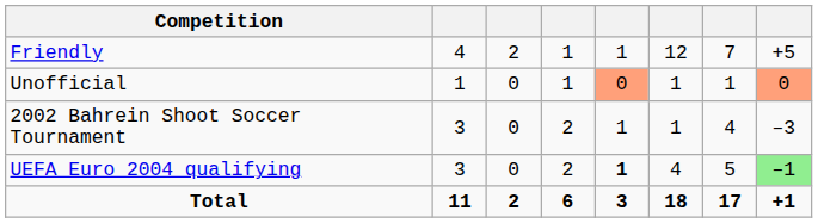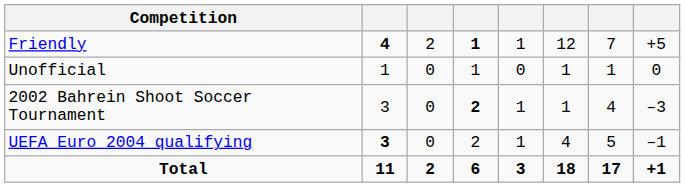 <table class="wikitable" style="text-align: center;">
 <tr>
 <th width=280>Competition</th>
 <th width=30></th>
 <th width=30></th>
 <th width=30></th>
 <th width=30></th>
 <th width=30></th>
 <th width=30></th>
 <th width=30></th>
 </tr>
 <tr>
 <td align=left><a href='#'>Friendly</a></td>
-<td>4</td>
+<td><strong>4</strong></td>
 <td>2</td>
-<td>1</td>
+<td><strong>1</strong></td>
 <td>1</td>
 <td>12</td>
 <td>7</td>
 <td>+5</td>
 </tr>
 <tr>
 <td align=left>Unofficial</td>
 <td>1</td>
 <td>0</td>
 <td>1</td>
-<td style="background: lightsalmon;">0</td>
+<td>0</td>
 <td>1</td>
 <td>1</td>
-<td style="background: lightsalmon;">0</td>
+<td>0</td>
 </tr>
 <tr>
 <td align=left>2002 Bahrein Shoot Soccer Tournament</td>
 <td>3</td>
 <td>0</td>
-<td>2</td>
+<td><strong>2</strong></td>
 <td>1</td>
 <td>1</td>
 <td>4</td>
 <td>–3</td>
 </tr>
 <tr>
 <td align=left><a href='#'>UEFA Euro 2004 qualifying</a></td>
-<td>3</td>
+<td><strong>3</strong></td>
 <td>0</td>
 <td>2</td>
-<td><strong>1</strong></td>
+<td>1</td>
 <td>4</td>
 <td>5</td>
-<td style="background: lightgreen;">–1</td>
+<td>–1</td>
 </tr>
 <tr>
 <td><strong>Total</strong></td>
 <td><strong>11</strong></td>
 <td><strong>2</strong></td>
 <td><strong>6</strong></td>
 <td><strong>3</strong></td>
 <td><strong>18</strong></td>
 <td><strong>17</strong></td>
 <td><strong>+1</strong></td>
 </tr>
 </table>
